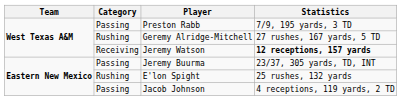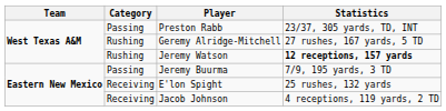 <table class="wikitable" style="float: left;">
 <tr>
 <th>Team</th>
 <th>Category</th>
 <th>Player</th>
 <th>Statistics</th>
 </tr>
 <tr>
 <td rowspan=3><strong>West Texas A&M</strong></td>
 <td>Passing</td>
 <td>Preston Rabb</td>
-<td>7/9, 195 yards, 3 TD</td>
+<td>23/37, 305 yards, TD, INT</td>
 </tr>
 <tr>
 <td>Rushing</td>
 <td>Geremy Alridge-Mitchell</td>
 <td>27 rushes, 167 yards, 5 TD</td>
 </tr>
 <tr>
-<td>Receiving</td>
+<td>Rushing</td>
 <td>Jeremy Watson</td>
 <td><strong>12 receptions, 157 yards</strong></td>
 </tr>
 <tr>
 <td rowspan=3><strong>Eastern New Mexico</strong></td>
 <td>Passing</td>
 <td>Jeremy Buurma</td>
-<td>23/37, 305 yards, TD, INT</td>
+<td>7/9, 195 yards, 3 TD</td>
 </tr>
 <tr>
-<td>Rushing</td>
+<td>Receiving</td>
 <td>E'lon Spight</td>
 <td>25 rushes, 132 yards</td>
 </tr>
 <tr>
-<td>Passing</td>
+<td>Receiving</td>
 <td>Jacob Johnson</td>
 <td>4 receptions, 119 yards, 2 TD</td>
 </tr>
 </table>
